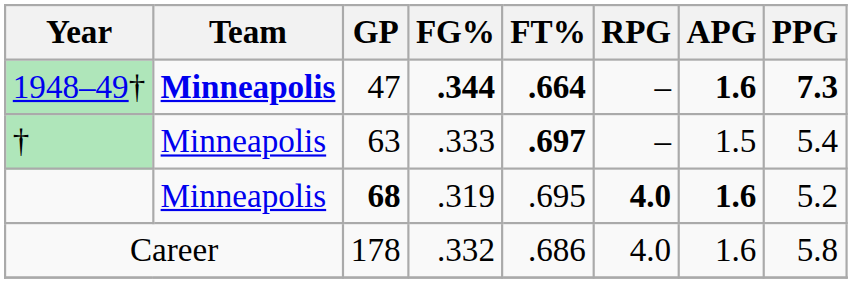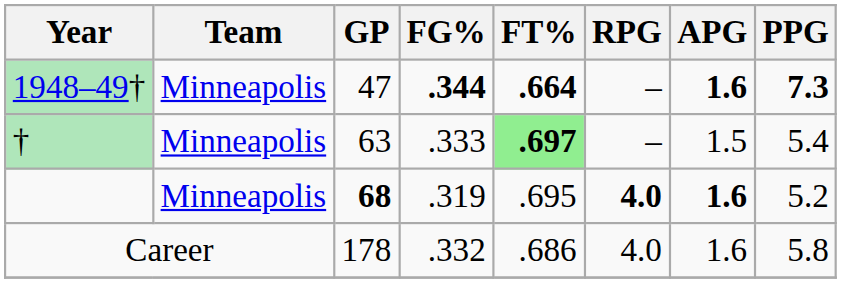 <table class="wikitable sortable" style="font-size:95%; text-align:right;">
 <tr>
 <th>Year</th>
 <th>Team</th>
 <th>GP</th>
 <th>FG%</th>
 <th>FT%</th>
 <th>RPG</th>
 <th>APG</th>
 <th>PPG</th>
 </tr>
 <tr>
 <td style="text-align:left; background:#afe6ba;"><a href='#'>1948–49</a>†</td>
-<td style="text-align:left;"><strong><a href='#'>Minneapolis</a></strong></td>
+<td style="text-align:left;"><a href='#'>Minneapolis</a></td>
 <td>47</td>
 <td><strong>.344</strong></td>
 <td><strong>.664</strong></td>
 <td>–</td>
 <td><strong>1.6</strong></td>
 <td><strong>7.3</strong></td>
 </tr>
 <tr>
 <td style="text-align:left; background:#afe6ba;">†</td>
 <td style="text-align:left;"><a href='#'>Minneapolis</a></td>
 <td>63</td>
 <td>.333</td>
-<td><strong>.697</strong></td>
+<td style="background: lightgreen;"><strong>.697</strong></td>
 <td>–</td>
 <td>1.5</td>
 <td>5.4</td>
 </tr>
 <tr>
 <td style="text-align:left;"></td>
 <td style="text-align:left;"><a href='#'>Minneapolis</a></td>
 <td><strong>68</strong></td>
 <td>.319</td>
 <td>.695</td>
 <td><strong>4.0</strong></td>
 <td><strong>1.6</strong></td>
 <td>5.2</td>
 </tr>
 <tr>
 <td style="text-align:center;" colspan="2">Career</td>
 <td>178</td>
 <td>.332</td>
 <td>.686</td>
 <td>4.0</td>
 <td>1.6</td>
 <td>5.8</td>
 </tr>
 <tr>
 </tr>
 </table>
